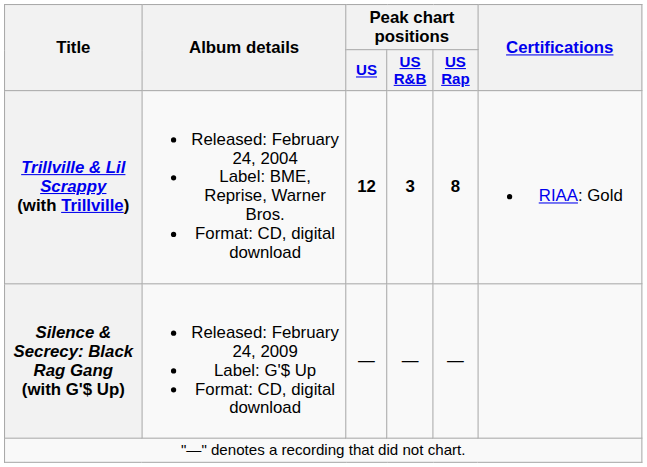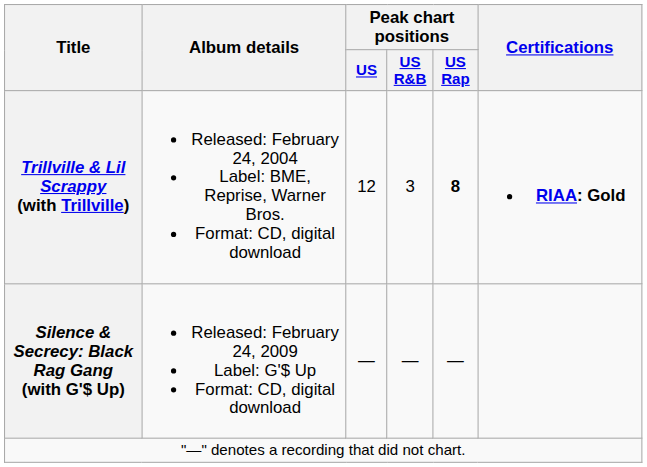 <table class="wikitable plainrowheaders" style="text-align:center;">
 <tr>
 <th scope="col" rowspan="2" style="width:11em;">Title</th>
 <th scope="col" rowspan="2" style="width:16em;">Album details</th>
 <th scope="col" colspan="3">Peak chart positions</th>
 <th scope="col" rowspan="2" style="width:12em;"><a href='#'>Certifications</a></th>
 </tr>
 <tr>
 <th style="width:3em;font-size:90%;"><a href='#'>US</a><br></th>
 <th style="width:3em;font-size:90%;"><a href='#'>US<br>R&B</a><br></th>
 <th style="width:3em;font-size:90%;"><a href='#'>US<br>Rap</a><br></th>
 </tr>
 <tr>
 <th scope="row"><em><a href='#'>Trillville & Lil Scrappy</a></em><br><span>(with <a href='#'>Trillville</a>)</span></th>
 <td><br><ul><li>Released: February 24, 2004</li><li>Label: BME, Reprise, Warner Bros.</li><li>Format: CD, digital download</li></ul></td>
-<td><strong>12</strong></td>
-<td><strong>3</strong></td>
+<td>12</td>
+<td>3</td>
 <td><strong>8</strong></td>
-<td><br><ul><li><a href='#'>RIAA</a>: Gold</li></ul></td>
+<td><strong><br><ul><li><a href='#'>RIAA</a>: Gold</li></ul></strong></td>
 </tr>
 <tr>
 <th scope="row"><em>Silence & Secrecy: Black Rag Gang</em><br><span>(with G'$ Up)</span></th>
 <td><br><ul><li>Released: February 24, 2009</li><li>Label: G'$ Up</li><li>Format: CD, digital download</li></ul></td>
 <td>—</td>
 <td>—</td>
 <td>—</td>
 <td></td>
 </tr>
 <tr>
 <td colspan="14" style="font-size:90%">"—" denotes a recording that did not chart.</td>
 </tr>
 </table>
